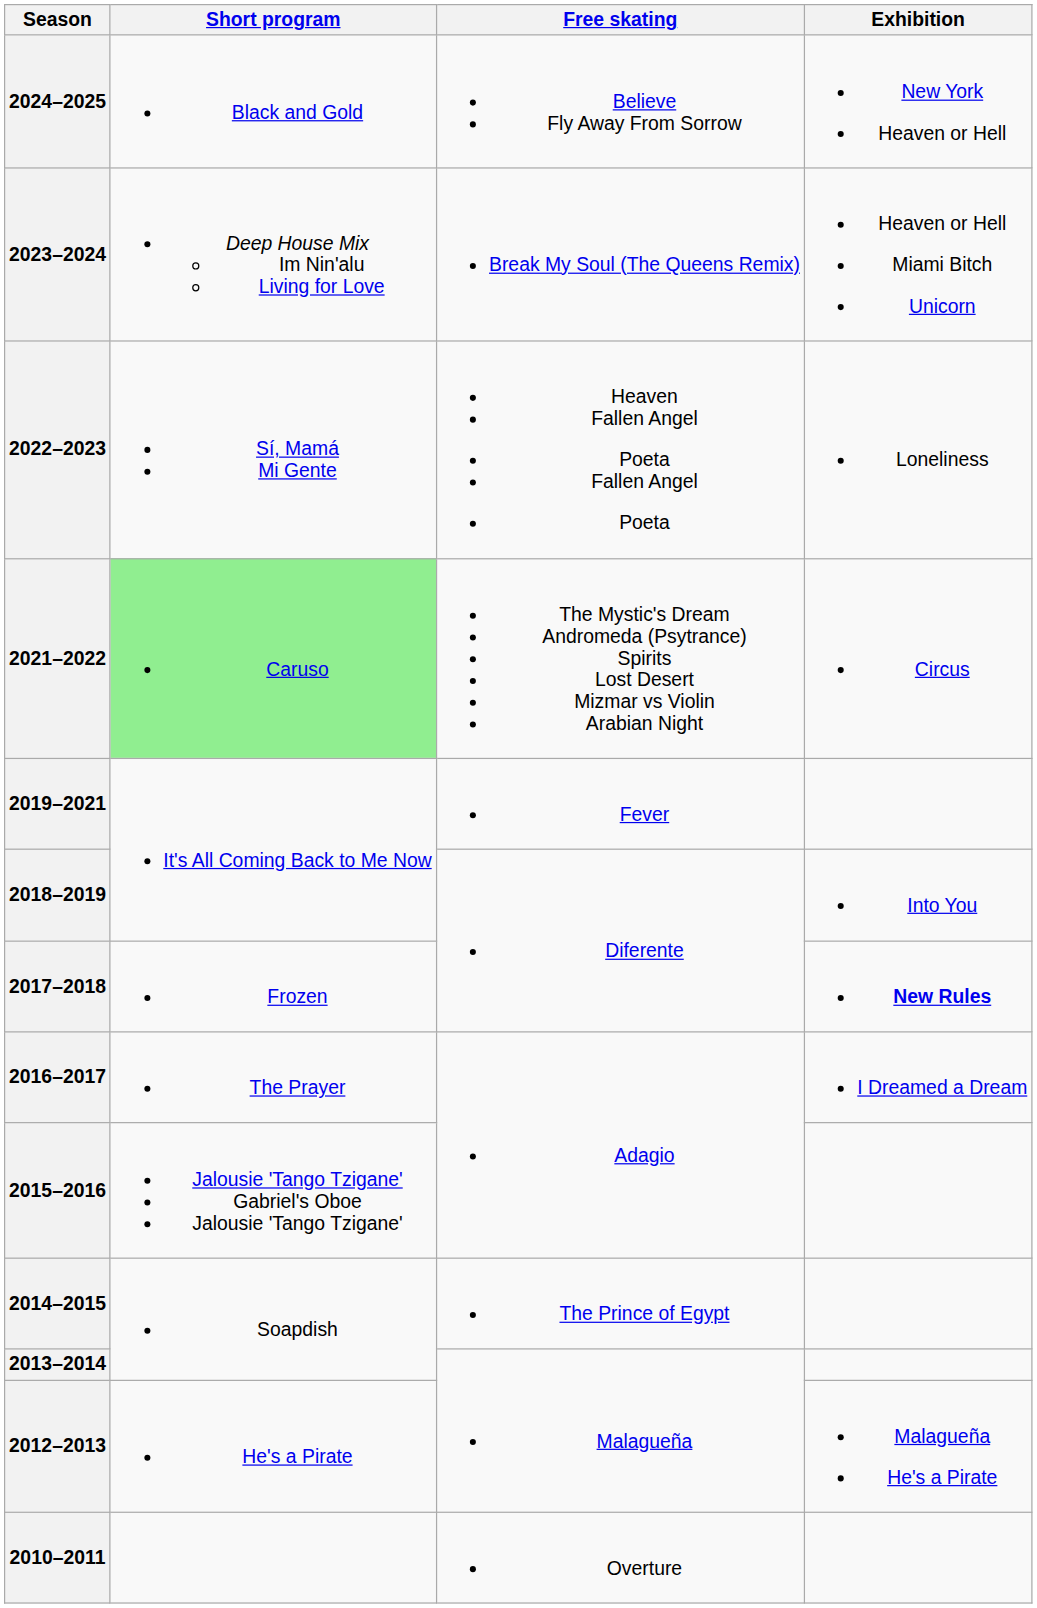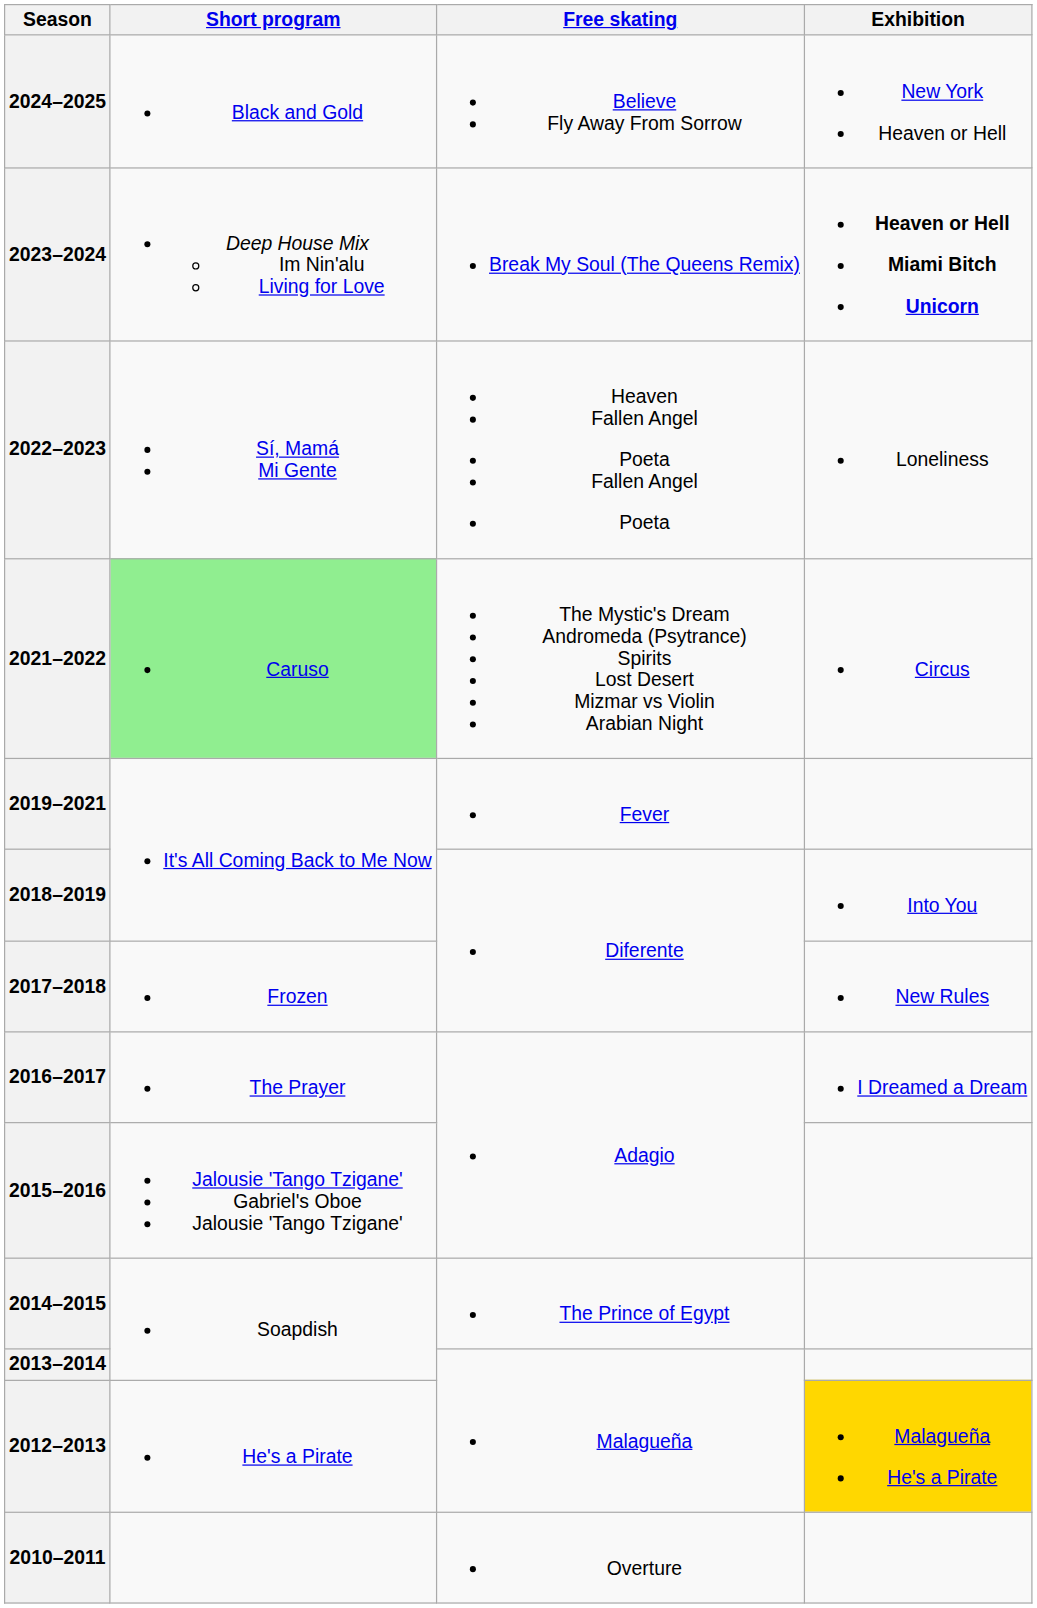 <table class="wikitable" style="text-align:center">
 <tr>
 <th>Season</th>
 <th><a href='#'>Short program</a></th>
 <th><a href='#'>Free skating</a></th>
 <th>Exhibition</th>
 </tr>
 <tr>
 <th>2024–2025 <br> </th>
 <td><br><ul><li><a href='#'>Black and Gold</a> <br></li></ul></td>
 <td><br><ul><li><a href='#'>Believe</a> <br></li><li>Fly Away From Sorrow <br></li></ul></td>
 <td><br><ul><li><a href='#'>New York</a> <br> </li></ul><ul><li>Heaven or Hell <br></li></ul></td>
 </tr>
 <tr>
 <th>2023–2024 <br> </th>
 <td><br><ul><li><em>Deep House Mix</em><ul><li>Im Nin'alu <br></li><li><a href='#'>Living for Love</a> <br></li></ul></li></ul></td>
 <td><br><ul><li><a href='#'>Break My Soul (The Queens Remix)</a> <br></li></ul></td>
-<td><br><ul><li>Heaven or Hell <br></li></ul><ul><li>Miami Bitch <br> </li></ul><ul><li><a href='#'>Unicorn</a> <br></li></ul></td>
+<td><strong><br><ul><li>Heaven or Hell <br></li></ul><ul><li>Miami Bitch <br> </li></ul><ul><li><a href='#'>Unicorn</a> <br></li></ul></strong></td>
 </tr>
 <tr>
 <th>2022–2023 <br> </th>
 <td><br><ul><li><a href='#'>Sí, Mamá</a> <br></li><li><a href='#'>Mi Gente</a> <br></li></ul></td>
 <td><br><ul><li>Heaven</li><li>Fallen Angel <br> </li></ul><ul><li>Poeta <br></li><li>Fallen Angel <br> </li></ul><ul><li>Poeta <br></li></ul></td>
 <td><br><ul><li>Loneliness <br></li></ul></td>
 </tr>
 <tr>
 <th>2021–2022 <br> </th>
 <td style="background: lightgreen;"><br><ul><li><a href='#'>Caruso</a> <br></li></ul></td>
 <td><br><ul><li>The Mystic's Dream <br> </li><li>Andromeda (Psytrance) <br> </li><li>Spirits <br> </li><li>Lost Desert <br> </li><li>Mizmar vs Violin <br></li><li>Arabian Night <br></li></ul></td>
 <td><br><ul><li><a href='#'>Circus</a> <br></li></ul></td>
 </tr>
 <tr>
 <th>2019–2021 <br> </th>
 <td rowspan=2><br><ul><li><a href='#'>It's All Coming Back to Me Now</a> <br></li></ul></td>
 <td><br><ul><li><a href='#'>Fever</a> <br></li></ul></td>
 <td></td>
 </tr>
 <tr>
 <th>2018–2019 <br> </th>
 <td rowspan=2><br><ul><li><a href='#'>Diferente</a> <br></li></ul></td>
 <td><br><ul><li><a href='#'>Into You</a> <br></li></ul></td>
 </tr>
 <tr>
 <th>2017–2018 <br> </th>
 <td><br><ul><li><a href='#'>Frozen</a> <br></li></ul></td>
-<td><strong><br><ul><li><a href='#'>New Rules</a> <br></li></ul></strong></td>
+<td><br><ul><li><a href='#'>New Rules</a> <br></li></ul></td>
 </tr>
 <tr>
 <th>2016–2017 <br> </th>
 <td><br><ul><li><a href='#'>The Prayer</a> <br></li></ul></td>
 <td rowspan=2><br><ul><li><a href='#'>Adagio</a> <br></li></ul></td>
 <td><br><ul><li><a href='#'>I Dreamed a Dream</a> <br></li></ul></td>
 </tr>
 <tr>
 <th>2015–2016 <br> </th>
 <td><br><ul><li><a href='#'>Jalousie 'Tango Tzigane'</a> <br></li><li>Gabriel's Oboe <br></li><li>Jalousie 'Tango Tzigane' <br></li></ul></td>
 <td></td>
 </tr>
 <tr>
 <th>2014–2015 <br> </th>
 <td rowspan=2><br><ul><li>Soapdish <br></li></ul></td>
 <td><br><ul><li><a href='#'>The Prince of Egypt</a> <br></li></ul></td>
 <td></td>
 </tr>
 <tr>
 <th>2013–2014</th>
 <td rowspan=2><br><ul><li><a href='#'>Malagueña</a> <br></li></ul></td>
 <td></td>
 </tr>
 <tr>
 <th>2012–2013</th>
 <td><br><ul><li><a href='#'>He's a Pirate</a> <br></li></ul></td>
-<td><br><ul><li><a href='#'>Malagueña</a> <br></li></ul><ul><li><a href='#'>He's a Pirate</a> <br></li></ul></td>
+<td style="background: gold;"><br><ul><li><a href='#'>Malagueña</a> <br></li></ul><ul><li><a href='#'>He's a Pirate</a> <br></li></ul></td>
 </tr>
 <tr>
 <th>2010–2011</th>
 <td></td>
 <td><br><ul><li>Overture <br></li></ul></td>
 <td></td>
 </tr>
 </table>
